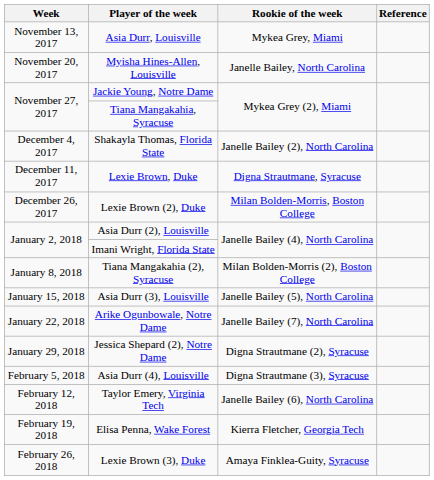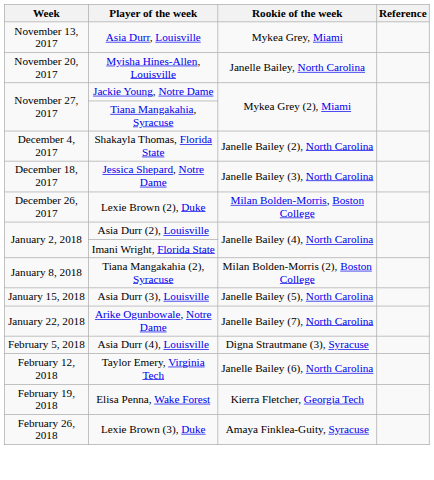 <table class="wikitable" border="1" style="text-align: center;">
 <tr>
 <th>Week</th>
 <th>Player of the week</th>
 <th>Rookie of the week</th>
 <th>Reference</th>
 </tr>
 <tr>
 <td>November 13, 2017</td>
 <td><a href='#'>Asia Durr</a>, <a href='#'>Louisville</a></td>
 <td>Mykea Grey, <a href='#'>Miami</a></td>
 <td></td>
 </tr>
 <tr>
 <td>November 20, 2017</td>
 <td><a href='#'>Myisha Hines-Allen</a>, <a href='#'>Louisville</a></td>
 <td>Janelle Bailey, <a href='#'>North Carolina</a></td>
 <td></td>
 </tr>
 <tr>
 <td rowspan="2">November 27, 2017</td>
 <td><a href='#'>Jackie Young</a>, <a href='#'>Notre Dame</a></td>
 <td rowspan="2">Mykea Grey (2), <a href='#'>Miami</a></td>
 <td rowspan="2"></td>
 </tr>
 <tr>
 <td><a href='#'>Tiana Mangakahia</a>, <a href='#'>Syracuse</a></td>
 </tr>
 <tr>
 <td>December 4, 2017</td>
 <td>Shakayla Thomas, <a href='#'>Florida State</a></td>
 <td>Janelle Bailey (2), <a href='#'>North Carolina</a></td>
 <td></td>
 </tr>
 <tr>
-<td>December 11, 2017</td>
-<td><a href='#'>Lexie Brown</a>, <a href='#'>Duke</a></td>
-<td><a href='#'>Digna Strautmane</a>, <a href='#'>Syracuse</a></td>
+<td>December 18, 2017</td>
+<td><a href='#'>Jessica Shepard</a>, <a href='#'>Notre Dame</a></td>
+<td>Janelle Bailey (3), <a href='#'>North Carolina</a></td>
 <td></td>
 </tr>
 <tr>
 <td>December 26, 2017</td>
 <td>Lexie Brown (2), <a href='#'>Duke</a></td>
 <td><a href='#'>Milan Bolden-Morris</a>, <a href='#'>Boston College</a></td>
 <td></td>
 </tr>
 <tr>
 <td rowspan="2">January 2, 2018</td>
 <td>Asia Durr (2), <a href='#'>Louisville</a></td>
 <td rowspan="2">Janelle Bailey (4), <a href='#'>North Carolina</a></td>
 <td rowspan="2"></td>
 </tr>
 <tr>
 <td>Imani Wright, <a href='#'>Florida State</a></td>
 </tr>
 <tr>
 <td>January 8, 2018</td>
 <td>Tiana Mangakahia (2), <a href='#'>Syracuse</a></td>
 <td>Milan Bolden-Morris (2), <a href='#'>Boston College</a></td>
 <td></td>
 </tr>
 <tr>
 <td>January 15, 2018</td>
 <td>Asia Durr (3), <a href='#'>Louisville</a></td>
 <td>Janelle Bailey (5), <a href='#'>North Carolina</a></td>
 <td></td>
 </tr>
 <tr>
 <td>January 22, 2018</td>
 <td><a href='#'>Arike Ogunbowale</a>, <a href='#'>Notre Dame</a></td>
 <td>Janelle Bailey (7), <a href='#'>North Carolina</a></td>
 <td></td>
 </tr>
 <tr>
-<td>January 29, 2018</td>
-<td>Jessica Shepard (2), <a href='#'>Notre Dame</a></td>
-<td>Digna Strautmane (2), <a href='#'>Syracuse</a></td>
-<td></td>
-</tr>
-<tr>
 <td>February 5, 2018</td>
 <td>Asia Durr (4), <a href='#'>Louisville</a></td>
 <td>Digna Strautmane (3), <a href='#'>Syracuse</a></td>
 <td></td>
 </tr>
 <tr>
 <td>February 12, 2018</td>
 <td>Taylor Emery, <a href='#'>Virginia Tech</a></td>
 <td>Janelle Bailey (6), <a href='#'>North Carolina</a></td>
 <td></td>
 </tr>
 <tr>
 <td>February 19, 2018</td>
 <td>Elisa Penna, <a href='#'>Wake Forest</a></td>
 <td>Kierra Fletcher, <a href='#'>Georgia Tech</a></td>
 <td></td>
 </tr>
 <tr>
 <td>February 26, 2018</td>
 <td>Lexie Brown (3), <a href='#'>Duke</a></td>
 <td>Amaya Finklea-Guity, <a href='#'>Syracuse</a></td>
 <td></td>
 </tr>
 </table>
